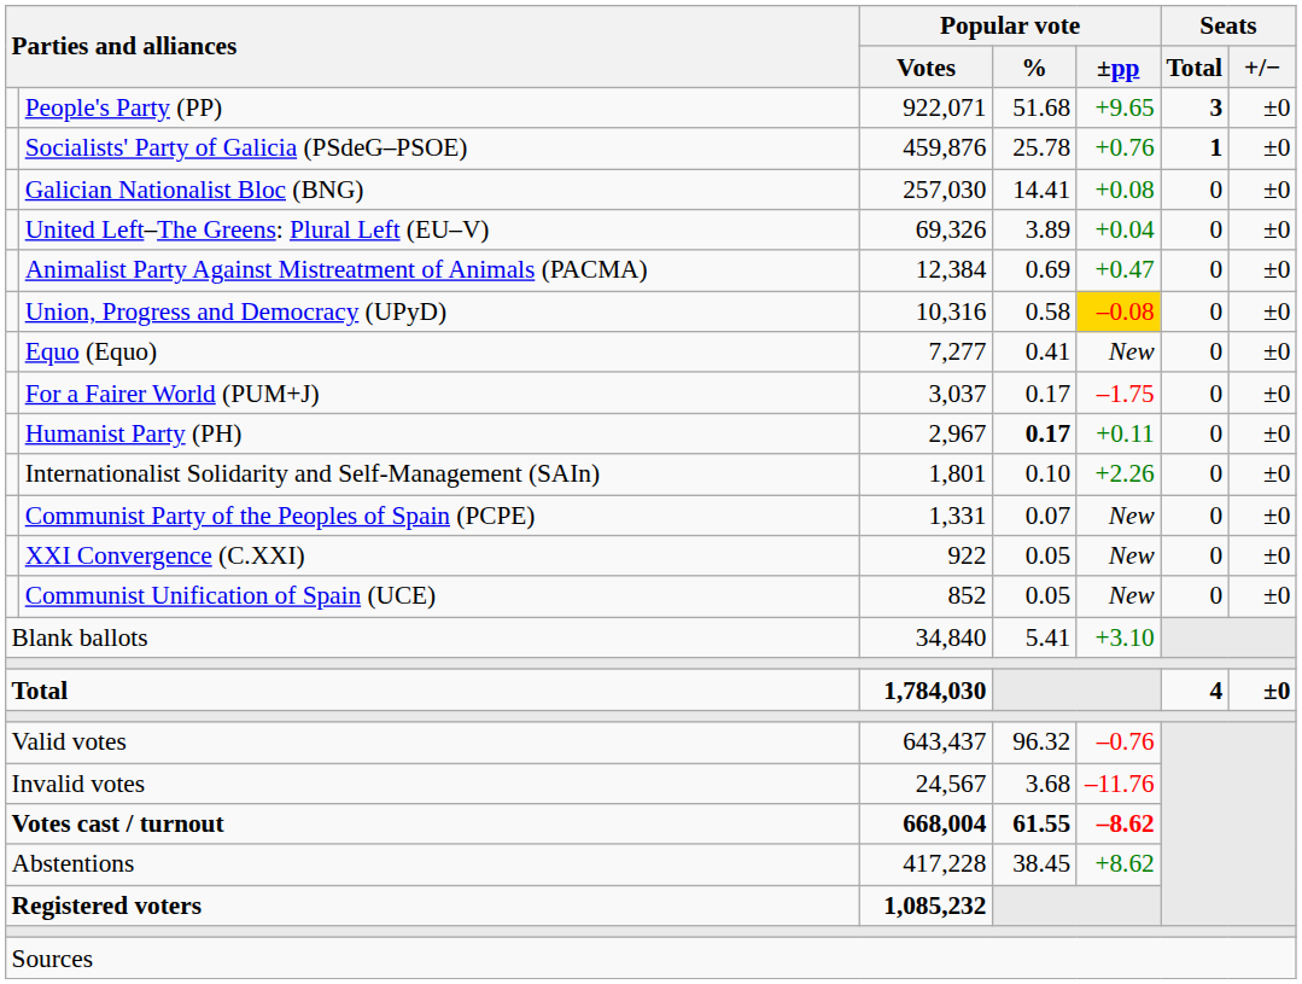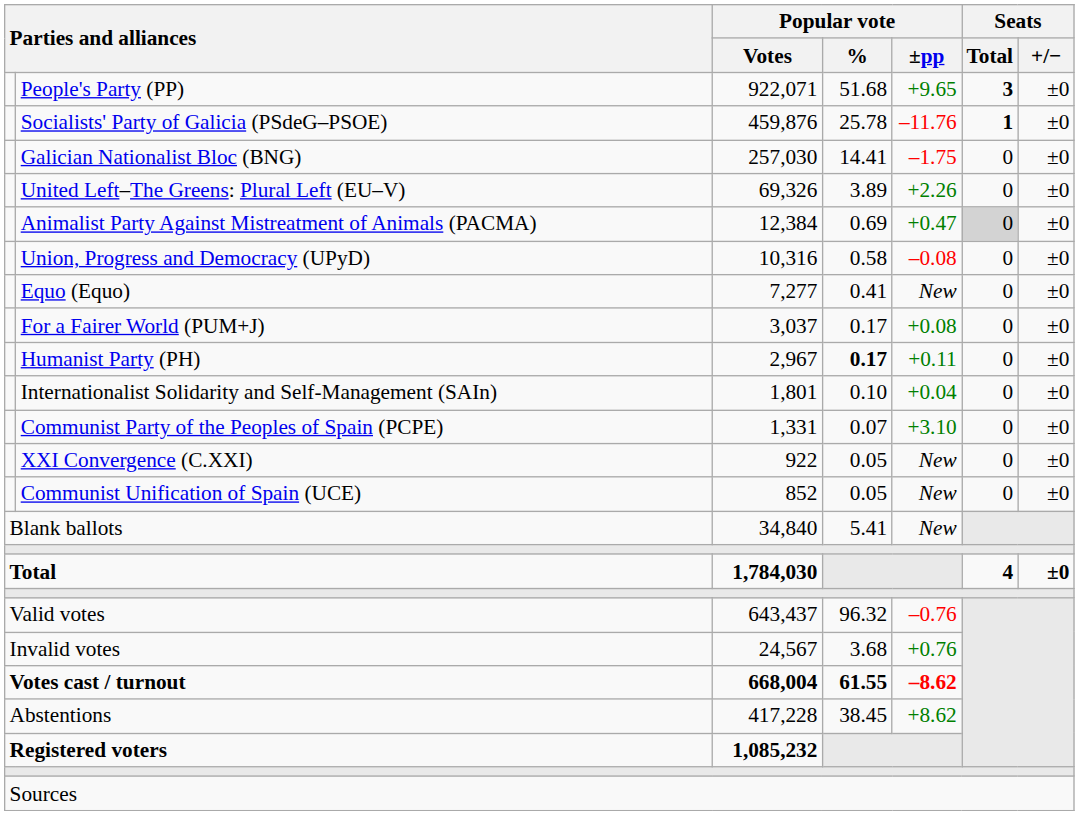 <table class="wikitable" style="text-align:right;">
 <tr>
 <th style="text-align:left;" rowspan="2" colspan="2" width="525">Parties and alliances</th>
 <th colspan="3">Popular vote</th>
 <th colspan="2">Seats</th>
 </tr>
 <tr>
 <th width="75">Votes</th>
 <th width="45">%</th>
 <th width="45">±<a href='#'>pp</a></th>
 <th width="35">Total</th>
 <th width="35">+/−</th>
 </tr>
 <tr>
 <td width="1" style="color:inherit;background:"></td>
 <td align="left"><a href='#'>People's Party</a> (PP)</td>
 <td>922,071</td>
 <td>51.68</td>
 <td style="color:green;">+9.65</td>
 <td><strong>3</strong></td>
 <td>±0</td>
 </tr>
 <tr>
 <td style="color:inherit;background:"></td>
 <td align="left"><a href='#'>Socialists' Party of Galicia</a> (PSdeG–PSOE)</td>
 <td>459,876</td>
 <td>25.78</td>
-<td style="color:green;">+0.76</td>
+<td style="color:red;">–11.76</td>
 <td><strong>1</strong></td>
 <td>±0</td>
 </tr>
 <tr>
 <td style="color:inherit;background:"></td>
 <td align="left"><a href='#'>Galician Nationalist Bloc</a> (BNG)</td>
 <td>257,030</td>
 <td>14.41</td>
-<td style="color:green;">+0.08</td>
+<td style="color:red;">–1.75</td>
 <td>0</td>
 <td>±0</td>
 </tr>
 <tr>
 <td style="color:inherit;background:"></td>
 <td align="left"><a href='#'>United Left</a>–<a href='#'>The Greens</a>: <a href='#'>Plural Left</a> (EU–V)</td>
 <td>69,326</td>
 <td>3.89</td>
-<td style="color:green;">+0.04</td>
+<td style="color:green;">+2.26</td>
 <td>0</td>
 <td>±0</td>
 </tr>
 <tr>
 <td style="color:inherit;background:"></td>
 <td align="left"><a href='#'>Animalist Party Against Mistreatment of Animals</a> (PACMA)</td>
 <td>12,384</td>
 <td>0.69</td>
 <td style="color:green;">+0.47</td>
-<td>0</td>
+<td style="background: lightgrey;">0</td>
 <td>±0</td>
 </tr>
 <tr>
 <td style="color:inherit;background:"></td>
 <td align="left"><a href='#'>Union, Progress and Democracy</a> (UPyD)</td>
 <td>10,316</td>
 <td>0.58</td>
-<td style="background: gold; color:red;">–0.08</td>
+<td style="color:red;">–0.08</td>
 <td>0</td>
 <td>±0</td>
 </tr>
 <tr>
 <td style="color:inherit;background:"></td>
 <td align="left"><a href='#'>Equo</a> (Equo)</td>
 <td>7,277</td>
 <td>0.41</td>
 <td><em>New</em></td>
 <td>0</td>
 <td>±0</td>
 </tr>
 <tr>
 <td style="color:inherit;background:"></td>
 <td align="left"><a href='#'>For a Fairer World</a> (PUM+J)</td>
 <td>3,037</td>
 <td>0.17</td>
-<td style="color:red;">–1.75</td>
+<td style="color:green;">+0.08</td>
 <td>0</td>
 <td>±0</td>
 </tr>
 <tr>
 <td style="color:inherit;background:"></td>
 <td align="left"><a href='#'>Humanist Party</a> (PH)</td>
 <td>2,967</td>
 <td><strong>0.17</strong></td>
 <td style="color:green;">+0.11</td>
 <td>0</td>
 <td>±0</td>
 </tr>
 <tr>
 <td style="color:inherit;background:"></td>
 <td align="left">Internationalist Solidarity and Self-Management (SAIn)</td>
 <td>1,801</td>
 <td>0.10</td>
-<td style="color:green;">+2.26</td>
+<td style="color:green;">+0.04</td>
 <td>0</td>
 <td>±0</td>
 </tr>
 <tr>
 <td style="color:inherit;background:"></td>
 <td align="left"><a href='#'>Communist Party of the Peoples of Spain</a> (PCPE)</td>
 <td>1,331</td>
 <td>0.07</td>
-<td><em>New</em></td>
+<td style="color:green;">+3.10</td>
 <td>0</td>
 <td>±0</td>
 </tr>
 <tr>
 <td style="color:inherit;background:"></td>
 <td align="left"><a href='#'>XXI Convergence</a> (C.XXI)</td>
 <td>922</td>
 <td>0.05</td>
 <td><em>New</em></td>
 <td>0</td>
 <td>±0</td>
 </tr>
 <tr>
 <td style="color:inherit;background:"></td>
 <td align="left"><a href='#'>Communist Unification of Spain</a> (UCE)</td>
 <td>852</td>
 <td>0.05</td>
 <td><em>New</em></td>
 <td>0</td>
 <td>±0</td>
 </tr>
 <tr>
 <td align="left" colspan="2">Blank ballots</td>
 <td>34,840</td>
 <td>5.41</td>
-<td style="color:green;">+3.10</td>
+<td><em>New</em></td>
 <td bgcolor="#E9E9E9" colspan="2"></td>
 </tr>
 <tr>
 <td colspan="7" bgcolor="#E9E9E9"></td>
 </tr>
 <tr style="font-weight:bold;">
 <td align="left" colspan="2">Total</td>
 <td>1,784,030</td>
 <td bgcolor="#E9E9E9" colspan="2"></td>
 <td>4</td>
 <td>±0</td>
 </tr>
 <tr>
 <td colspan="7" bgcolor="#E9E9E9"></td>
 </tr>
 <tr>
 <td align="left" colspan="2">Valid votes</td>
 <td>643,437</td>
 <td>96.32</td>
 <td style="color:red;">–0.76</td>
 <td bgcolor="#E9E9E9" colspan="2" rowspan="5"></td>
 </tr>
 <tr>
 <td align="left" colspan="2">Invalid votes</td>
 <td>24,567</td>
 <td>3.68</td>
-<td style="color:red;">–11.76</td>
+<td style="color:green;">+0.76</td>
 </tr>
 <tr style="font-weight:bold;">
 <td align="left" colspan="2">Votes cast / turnout</td>
 <td>668,004</td>
 <td>61.55</td>
 <td style="color:red;">–8.62</td>
 </tr>
 <tr>
 <td align="left" colspan="2">Abstentions</td>
 <td>417,228</td>
 <td>38.45</td>
 <td style="color:green;">+8.62</td>
 </tr>
 <tr style="font-weight:bold;">
 <td align="left" colspan="2">Registered voters</td>
 <td>1,085,232</td>
 <td bgcolor="#E9E9E9" colspan="2"></td>
 </tr>
 <tr>
 <td colspan="7" bgcolor="#E9E9E9"></td>
 </tr>
 <tr>
 <td align="left" colspan="7">Sources</td>
 </tr>
 </table>
